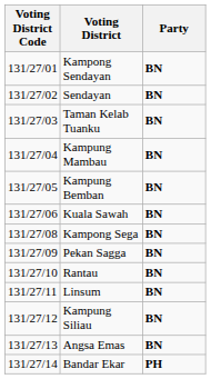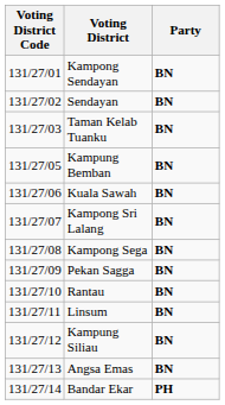 <table class ="wikitable sortable">
 <tr>
 <th style="width:30px;">Voting District Code</th>
 <th style="width:100px;">Voting District</th>
 <th style="width:75px;">Party</th>
 </tr>
 <tr>
 <td>131/27/01</td>
 <td>Kampong Sendayan</td>
 <td><strong>BN</strong></td>
 </tr>
 <tr>
 <td>131/27/02</td>
 <td>Sendayan</td>
 <td><strong>BN</strong></td>
 </tr>
 <tr>
 <td>131/27/03</td>
 <td>Taman Kelab Tuanku</td>
 <td><strong>BN</strong></td>
 </tr>
 <tr>
-<td>131/27/04</td>
-<td>Kampung Mambau</td>
-<td><strong>BN</strong></td>
-</tr>
-<tr>
 <td>131/27/05</td>
 <td>Kampung Bemban</td>
 <td><strong>BN</strong></td>
 </tr>
 <tr>
 <td>131/27/06</td>
 <td>Kuala Sawah</td>
+<td><strong>BN</strong></td>
+</tr>
+<tr>
+<td>131/27/07</td>
+<td>Kampong Sri Lalang</td>
 <td><strong>BN</strong></td>
 </tr>
 <tr>
 <td>131/27/08</td>
 <td>Kampong Sega</td>
 <td><strong>BN</strong></td>
 </tr>
 <tr>
 <td>131/27/09</td>
 <td>Pekan Sagga</td>
 <td><strong>BN</strong></td>
 </tr>
 <tr>
 <td>131/27/10</td>
 <td>Rantau</td>
 <td><strong>BN</strong></td>
 </tr>
 <tr>
 <td>131/27/11</td>
 <td>Linsum</td>
 <td><strong>BN</strong></td>
 </tr>
 <tr>
 <td>131/27/12</td>
 <td>Kampung Siliau</td>
 <td><strong>BN</strong></td>
 </tr>
 <tr>
 <td>131/27/13</td>
 <td>Angsa Emas</td>
 <td><strong>BN</strong></td>
 </tr>
 <tr>
 <td>131/27/14</td>
 <td>Bandar Ekar</td>
 <td><strong>PH</strong></td>
 </tr>
 </table>
